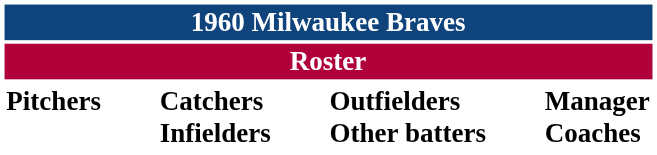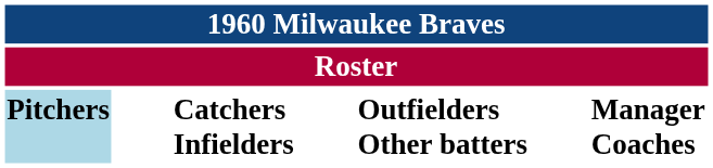 <table class="toccolours" style="font-size: 95%;">
 <tr>
 <th colspan="10" style="background-color: #0f437c; color: white; text-align: center;">1960 Milwaukee Braves</th>
 </tr>
 <tr>
 <td colspan="10" style="background-color: #af0039; color: white; text-align: center;"><strong>Roster</strong></td>
 </tr>
 <tr>
-<td valign="top"><strong>Pitchers</strong><br>             </td>
+<td valign="top" style="background: lightblue;"><strong>Pitchers</strong><br>             </td>
 <td width="25px"></td>
 <td valign="top"><strong>Catchers</strong><br>   <strong>Infielders</strong>        </td>
 <td width="25px"></td>
 <td valign="top"><strong>Outfielders</strong><br>          <strong>Other batters</strong> </td>
 <td width="25px"></td>
 <td valign="top"><strong>Manager</strong><br> <strong>Coaches</strong>    </td>
 </tr>
 </table>
